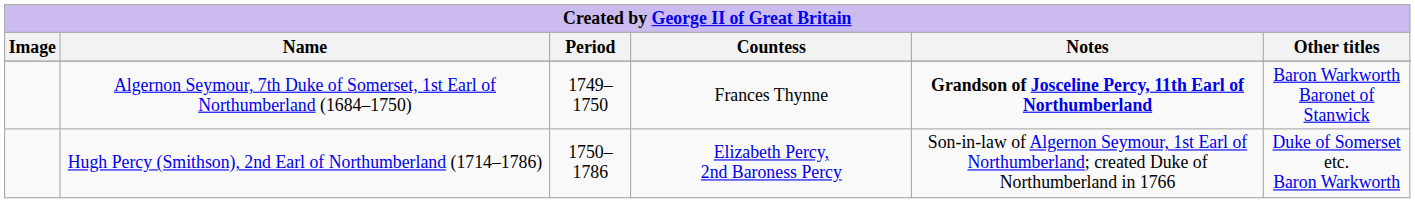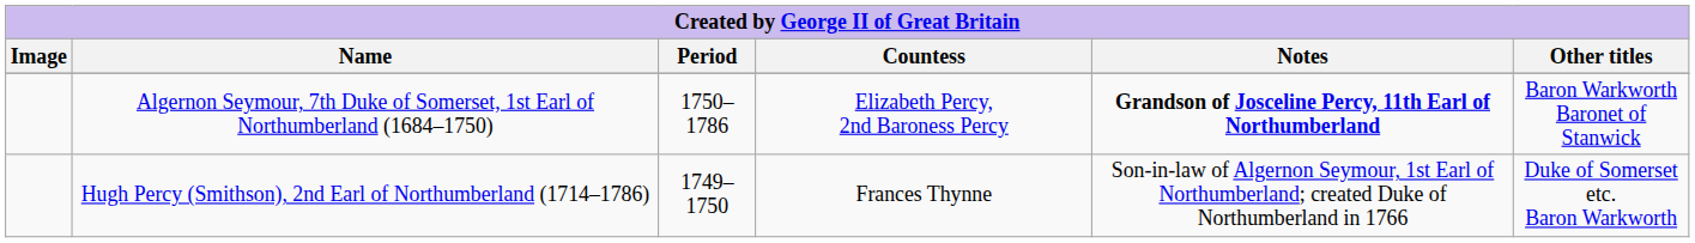 <table style="text-align:center; width:80%" class="wikitable">
 <tr>
 <th colspan="6" style="background-color: #cbe">Created by <a href='#'>George II of Great Britain</a></th>
 </tr>
 <tr>
 <th style="width:10%%">Image</th>
 <th>Name</th>
 <th>Period</th>
 <th style="width:20%">Countess</th>
 <th style="width:25%">Notes</th>
 <th>Other titles</th>
 </tr>
 <tr bgcolor="#dddddd" |>
 </tr>
 <tr>
 <td></td>
 <td><a href='#'>Algernon Seymour, 7th Duke of Somerset, 1st Earl of Northumberland</a> (1684–1750)</td>
-<td>1749–1750</td>
-<td>Frances Thynne</td>
+<td>1750–1786</td>
+<td><a href='#'>Elizabeth Percy,<br>2nd Baroness Percy</a></td>
 <td><strong>Grandson of <a href='#'>Josceline Percy, 11th Earl of Northumberland</a></strong></td>
 <td><a href='#'>Baron Warkworth</a> <br> <a href='#'>Baronet of Stanwick</a></td>
 </tr>
 <tr>
 <td></td>
 <td><a href='#'>Hugh Percy (Smithson), 2nd Earl of Northumberland</a> (1714–1786)</td>
-<td>1750–1786</td>
-<td><a href='#'>Elizabeth Percy,<br>2nd Baroness Percy</a></td>
+<td>1749–1750</td>
+<td>Frances Thynne</td>
 <td>Son-in-law of <a href='#'>Algernon Seymour, 1st Earl of Northumberland</a>; created Duke of Northumberland in 1766</td>
 <td><a href='#'>Duke of Somerset</a> etc. <br> <a href='#'>Baron Warkworth</a></td>
 </tr>
 </table>
